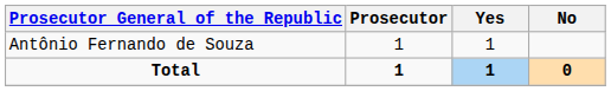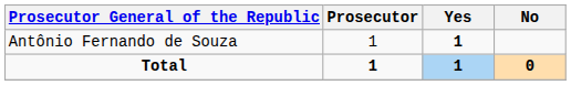 <table class="wikitable">
 <tr>
 <th><a href='#'>Prosecutor General of the Republic</a></th>
 <th width="55pt">Prosecutor</th>
 <th width="55pt">Yes</th>
 <th width="55pt">No</th>
 </tr>
 <tr>
 <td align="left">Antônio Fernando de Souza</td>
 <td align="center">1</td>
-<td align="center">1</td>
+<td align="center"><strong>1</strong></td>
 <td align="center"></td>
 </tr>
 <tr>
 <td align="center"><strong>Total</strong></td>
 <td align="center"><strong>1</strong></td>
 <td align="center" bgcolor="#abd5f5"><strong>1</strong></td>
 <td align="center" bgcolor="#FFDEAD"><strong>0</strong></td>
 </tr>
 <tr>
 </tr>
 </table>
